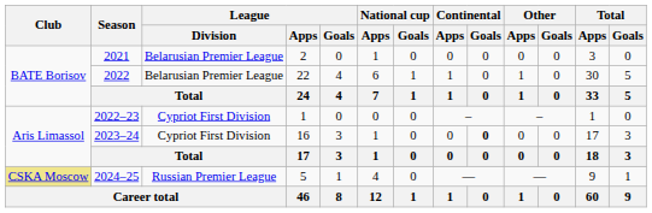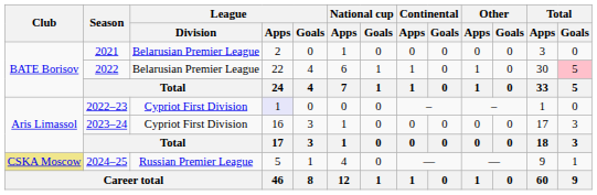 <table class="wikitable" style="text-align: center;">
 <tr>
 <th rowspan="2">Club</th>
 <th rowspan="2">Season</th>
 <th colspan="3">League</th>
 <th colspan="2">National cup</th>
 <th colspan="2">Continental</th>
 <th colspan="2">Other</th>
 <th colspan="2">Total</th>
 </tr>
 <tr>
 <th>Division</th>
 <th>Apps</th>
 <th>Goals</th>
 <th>Apps</th>
 <th>Goals</th>
 <th>Apps</th>
 <th>Goals</th>
 <th>Apps</th>
 <th>Goals</th>
 <th>Apps</th>
 <th>Goals</th>
 </tr>
 <tr>
 <td rowspan="3"><a href='#'>BATE Borisov</a></td>
 <td><a href='#'>2021</a></td>
 <td><a href='#'>Belarusian Premier League</a></td>
 <td>2</td>
 <td>0</td>
 <td>1</td>
 <td>0</td>
 <td>0</td>
 <td>0</td>
 <td>0</td>
 <td>0</td>
 <td>3</td>
 <td>0</td>
 </tr>
 <tr>
 <td><a href='#'>2022</a></td>
 <td>Belarusian Premier League</td>
 <td>22</td>
 <td>4</td>
 <td>6</td>
 <td>1</td>
 <td>1</td>
 <td>0</td>
 <td>1</td>
 <td>0</td>
 <td>30</td>
-<td>5</td>
+<td style="background: pink;">5</td>
 </tr>
 <tr>
 <th colspan="2">Total</th>
 <th>24</th>
 <th>4</th>
 <th>7</th>
 <th>1</th>
 <th>1</th>
 <th>0</th>
 <th>1</th>
 <th>0</th>
 <th>33</th>
 <th>5</th>
 </tr>
 <tr>
 <td rowspan="3"><a href='#'>Aris Limassol</a></td>
 <td><a href='#'>2022–23</a></td>
 <td><a href='#'>Cypriot First Division</a></td>
-<td>1</td>
+<td style="background: lavender;">1</td>
 <td>0</td>
 <td>0</td>
 <td>0</td>
 <td colspan=2>–</td>
 <td colspan=2>–</td>
 <td>1</td>
 <td>0</td>
 </tr>
 <tr>
 <td><a href='#'>2023–24</a></td>
 <td>Cypriot First Division</td>
 <td>16</td>
 <td>3</td>
 <td>1</td>
 <td>0</td>
 <td>0</td>
-<td><strong>0</strong></td>
+<td>0</td>
 <td>0</td>
 <td>0</td>
 <td>17</td>
 <td>3</td>
 </tr>
 <tr>
 <th colspan="2">Total</th>
 <th>17</th>
 <th>3</th>
 <th>1</th>
 <th>0</th>
 <th>0</th>
 <th>0</th>
 <th>0</th>
 <th>0</th>
 <th>18</th>
 <th>3</th>
 </tr>
 <tr>
 <td style="background: khaki;"><a href='#'>CSKA Moscow</a></td>
 <td><a href='#'>2024–25</a></td>
 <td><a href='#'>Russian Premier League</a></td>
 <td>5</td>
 <td>1</td>
 <td>4</td>
 <td>0</td>
 <td colspan="2">—</td>
 <td colspan="2">—</td>
 <td>9</td>
 <td>1</td>
 </tr>
 <tr>
 <th colspan="3">Career total</th>
 <th>46</th>
 <th>8</th>
 <th>12</th>
 <th>1</th>
 <th>1</th>
 <th>0</th>
 <th>1</th>
 <th>0</th>
 <th>60</th>
 <th>9</th>
 </tr>
 </table>
